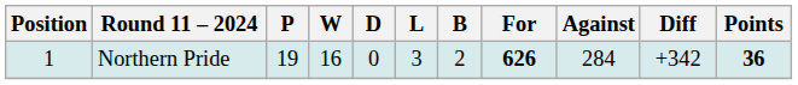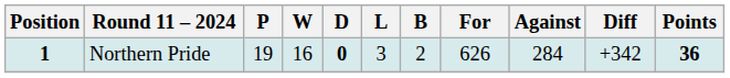 <table class="wikitable" style="text-align:center; font-size:85%;">
 <tr style="background: #d7ebed;">
 <th width="40" abbr="Position">Position</th>
 <th width="100">Round 11 – 2024</th>
 <th width="20" abbr="Played">P</th>
 <th width="20" abbr="Won">W</th>
 <th width="20" abbr="Drawn">D</th>
 <th width="20" abbr="Lost">L</th>
 <th width="20" abbr="Bye">B</th>
 <th width="40" abbr="Points for">For</th>
 <th width="40" abbr="Points against">Against</th>
 <th width="40" abbr="Points difference">Diff</th>
 <th width="40" abbr="Points">Points</th>
 </tr>
 <tr style="background: #d7ebed;">
-<td>1</td>
+<td><strong>1</strong></td>
 <td style="text-align:left;"> Northern Pride</td>
 <td>19</td>
 <td>16</td>
-<td>0</td>
+<td><strong>0</strong></td>
 <td>3</td>
 <td>2</td>
-<td><strong>626</strong></td>
+<td>626</td>
 <td>284</td>
 <td>+342</td>
 <td><strong>36</strong></td>
 </tr>
 <tr>
 </tr>
 </table>
